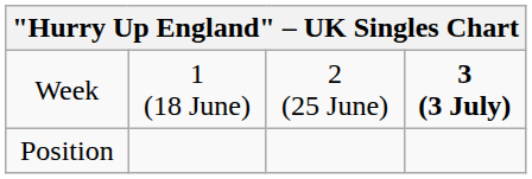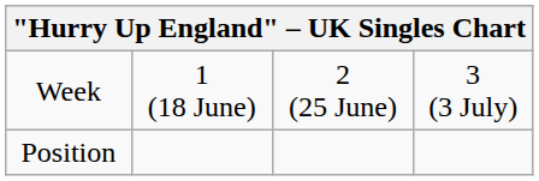 <table class="wikitable">
 <tr>
 <th align="center" bgcolor="white" colspan="31">"Hurry Up England" – UK Singles Chart</th>
 </tr>
 <tr style="background-color: #white;">
 <td align="center">Week</td>
 <td align="center">1<br>(18 June)</td>
 <td align="center">2<br>(25 June)</td>
-<td align="center"><strong>3<br>(3 July)</strong></td>
+<td align="center">3<br>(3 July)</td>
 </tr>
 <tr>
 <td align="center" style="background-color: #white;">Position</td>
 <td></td>
 <td></td>
 <td></td>
 </tr>
 </table>
